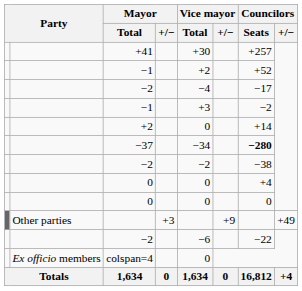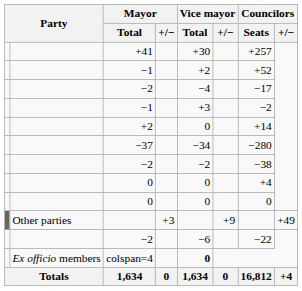 <table class="wikitable" style="text-align:right; font-size:90%;">
 <tr>
 <th colspan="2" rowspan="2">Party</th>
 <th colspan="2">Mayor</th>
 <th colspan="2">Vice mayor</th>
 <th colspan="2">Councilors</th>
 </tr>
 <tr>
 <th>Total</th>
 <th>+/−</th>
 <th>Total</th>
 <th>+/−</th>
 <th>Seats</th>
 <th>+/−</th>
 </tr>
 <tr>
 <td></td>
 <td></td>
 <td>+41</td>
 <td></td>
 <td>+30</td>
 <td></td>
 <td>+257</td>
 </tr>
 <tr>
 <td></td>
 <td></td>
 <td>−1</td>
 <td></td>
 <td>+2</td>
 <td></td>
 <td>+52</td>
 </tr>
 <tr>
 <td></td>
 <td></td>
 <td>−2</td>
 <td></td>
 <td>−4</td>
 <td></td>
 <td>−17</td>
 </tr>
 <tr>
 <td></td>
 <td></td>
 <td>−1</td>
 <td></td>
 <td>+3</td>
 <td></td>
 <td>−2</td>
 </tr>
 <tr>
 <td></td>
 <td></td>
 <td>+2</td>
 <td></td>
 <td>0</td>
 <td></td>
 <td>+14</td>
 </tr>
 <tr>
 <td></td>
 <td></td>
 <td>−37</td>
 <td></td>
 <td>−34</td>
 <td></td>
-<td><strong>−280</strong></td>
+<td>−280</td>
 </tr>
 <tr>
 <td></td>
 <td></td>
 <td>−2</td>
 <td></td>
 <td>−2</td>
 <td></td>
 <td>−38</td>
 </tr>
 <tr>
 <td></td>
 <td></td>
 <td>0</td>
 <td></td>
 <td>0</td>
 <td></td>
 <td>+4</td>
 </tr>
 <tr>
 <td></td>
 <td></td>
 <td>0</td>
 <td></td>
 <td>0</td>
 <td></td>
 <td>0</td>
 </tr>
 <tr>
 <td bgcolor=#666666></td>
 <td align="left">Other parties</td>
 <td></td>
 <td>+3</td>
 <td></td>
 <td>+9</td>
 <td></td>
 <td>+49</td>
 </tr>
 <tr>
 <td></td>
 <td></td>
 <td>−2</td>
 <td></td>
 <td>−6</td>
 <td></td>
 <td>−22</td>
 </tr>
 <tr>
 <td></td>
 <td align="left"><em>Ex officio</em> members</td>
 <td>colspan=4 </td>
 <td></td>
-<td>0</td>
+<td><strong>0</strong></td>
 </tr>
 <tr>
 <th colspan="2">Totals</th>
 <th>1,634</th>
 <th>0</th>
 <th>1,634</th>
 <th>0</th>
 <th>16,812</th>
 <th>+4</th>
 </tr>
 </table>
